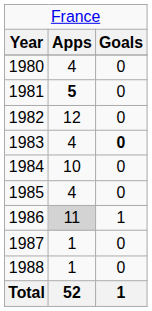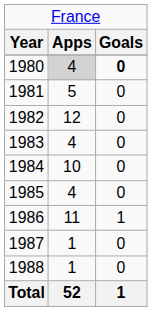 <table class="wikitable" style="text-align: center;">
 <tr>
 <td colspan=3><a href='#'>France</a></td>
 </tr>
 <tr>
 <th>Year</th>
 <th>Apps</th>
 <th>Goals</th>
 </tr>
 <tr>
 </tr>
 <tr>
 <td>1980</td>
-<td>4</td>
-<td>0</td>
+<td style="background: lightgrey;">4</td>
+<td><strong>0</strong></td>
 </tr>
 <tr>
 <td>1981</td>
-<td><strong>5</strong></td>
+<td>5</td>
 <td>0</td>
 </tr>
 <tr>
 <td>1982</td>
 <td>12</td>
 <td>0</td>
 </tr>
 <tr>
 <td>1983</td>
 <td>4</td>
-<td><strong>0</strong></td>
+<td>0</td>
 </tr>
 <tr>
 <td>1984</td>
 <td>10</td>
 <td>0</td>
 </tr>
 <tr>
 <td>1985</td>
 <td>4</td>
 <td>0</td>
 </tr>
 <tr>
 <td>1986</td>
-<td style="background: lightgrey;">11</td>
+<td>11</td>
 <td>1</td>
 </tr>
 <tr>
 <td>1987</td>
 <td>1</td>
 <td>0</td>
 </tr>
 <tr>
 <td>1988</td>
 <td>1</td>
 <td>0</td>
 </tr>
 <tr>
 <th>Total</th>
 <th>52</th>
 <th>1</th>
 </tr>
 </table>
